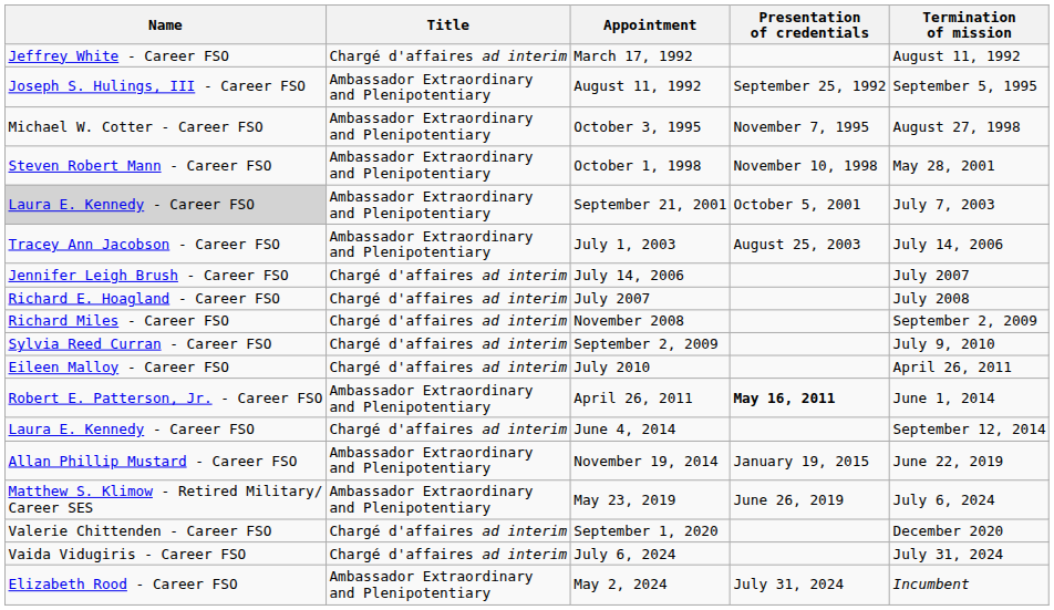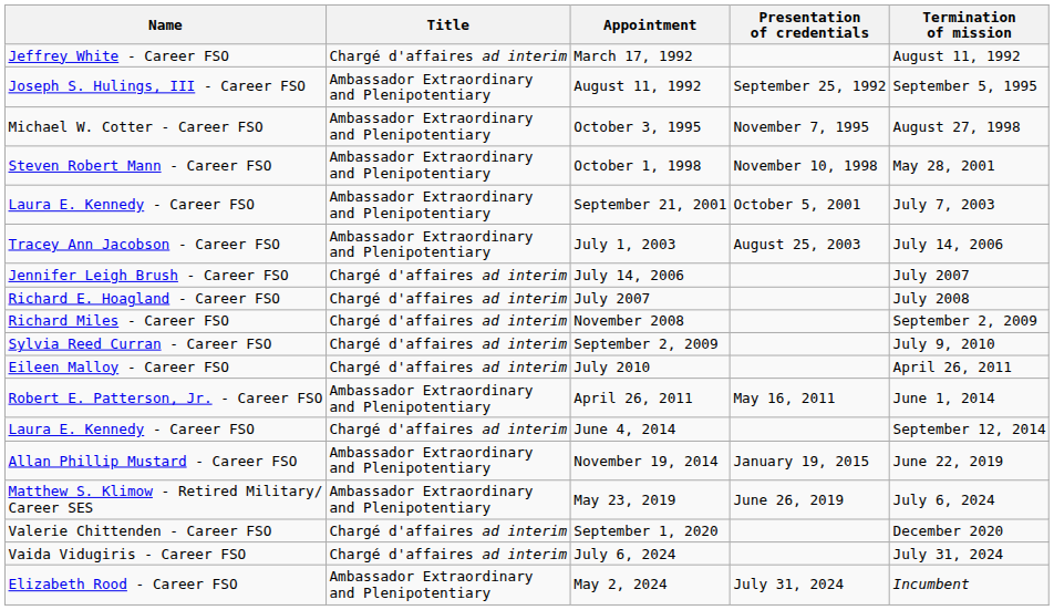 <table class="wikitable">
 <tr>
 <th>Name</th>
 <th>Title</th>
 <th>Appointment</th>
 <th>Presentation <br>of credentials</th>
 <th>Termination <br>of mission</th>
 </tr>
 <tr>
 <td><a href='#'>Jeffrey White</a> - Career FSO</td>
 <td>Chargé d'affaires <em>ad interim</em></td>
 <td>March 17, 1992</td>
 <td></td>
 <td>August 11, 1992</td>
 </tr>
 <tr>
 <td><a href='#'>Joseph S. Hulings, III</a> - Career FSO</td>
 <td>Ambassador Extraordinary <br>and Plenipotentiary</td>
 <td>August 11, 1992</td>
 <td>September 25, 1992</td>
 <td>September 5, 1995</td>
 </tr>
 <tr>
 <td>Michael W. Cotter - Career FSO</td>
 <td>Ambassador Extraordinary <br>and Plenipotentiary</td>
 <td>October 3, 1995</td>
 <td>November 7, 1995</td>
 <td>August 27, 1998</td>
 </tr>
 <tr>
 <td><a href='#'>Steven Robert Mann</a> - Career FSO</td>
 <td>Ambassador Extraordinary <br>and Plenipotentiary</td>
 <td>October 1, 1998</td>
 <td>November 10, 1998</td>
 <td>May 28, 2001</td>
 </tr>
 <tr>
-<td style="background: lightgrey;"><a href='#'>Laura E. Kennedy</a> - Career FSO</td>
+<td><a href='#'>Laura E. Kennedy</a> - Career FSO</td>
 <td>Ambassador Extraordinary <br>and Plenipotentiary</td>
 <td>September 21, 2001</td>
 <td>October 5, 2001</td>
 <td>July 7, 2003</td>
 </tr>
 <tr>
 <td><a href='#'>Tracey Ann Jacobson</a> - Career FSO</td>
 <td>Ambassador Extraordinary <br>and Plenipotentiary</td>
 <td>July 1, 2003</td>
 <td>August 25, 2003</td>
 <td>July 14, 2006</td>
 </tr>
 <tr>
 <td><a href='#'>Jennifer Leigh Brush</a> - Career FSO</td>
 <td>Chargé d'affaires <em>ad interim</em></td>
 <td>July 14, 2006</td>
 <td></td>
 <td>July 2007</td>
 </tr>
 <tr>
 <td><a href='#'>Richard E. Hoagland</a> - Career FSO</td>
 <td>Chargé d'affaires <em>ad interim</em></td>
 <td>July 2007</td>
 <td></td>
 <td>July 2008</td>
 </tr>
 <tr>
 <td><a href='#'>Richard Miles</a> - Career FSO</td>
 <td>Chargé d'affaires <em>ad interim</em></td>
 <td>November 2008</td>
 <td></td>
 <td>September 2, 2009</td>
 </tr>
 <tr>
 <td><a href='#'>Sylvia Reed Curran</a> - Career FSO</td>
 <td>Chargé d'affaires <em>ad interim</em></td>
 <td>September 2, 2009</td>
 <td></td>
 <td>July 9, 2010</td>
 </tr>
 <tr>
 <td><a href='#'>Eileen Malloy</a> - Career FSO</td>
 <td>Chargé d'affaires <em>ad interim</em></td>
 <td>July 2010</td>
 <td></td>
 <td>April 26, 2011</td>
 </tr>
 <tr>
 <td><a href='#'>Robert E. Patterson, Jr.</a> - Career FSO</td>
 <td>Ambassador Extraordinary <br>and Plenipotentiary</td>
 <td>April 26, 2011</td>
-<td><strong>May 16, 2011</strong></td>
+<td>May 16, 2011</td>
 <td>June 1, 2014</td>
 </tr>
 <tr>
 <td><a href='#'>Laura E. Kennedy</a> - Career FSO</td>
 <td>Chargé d'affaires <em>ad interim</em></td>
 <td>June 4, 2014</td>
 <td></td>
 <td>September 12, 2014</td>
 </tr>
 <tr>
 <td><a href='#'>Allan Phillip Mustard</a> - Career FSO</td>
 <td>Ambassador Extraordinary <br>and Plenipotentiary</td>
 <td>November 19, 2014</td>
 <td>January 19, 2015</td>
 <td>June 22, 2019</td>
 </tr>
 <tr>
 <td><a href='#'>Matthew S. Klimow</a> - Retired Military/<br>Career SES</td>
 <td>Ambassador Extraordinary <br>and Plenipotentiary</td>
 <td>May 23, 2019</td>
 <td>June 26, 2019</td>
 <td>July 6, 2024</td>
 </tr>
 <tr>
 <td>Valerie Chittenden - Career FSO</td>
 <td>Chargé d'affaires <em>ad interim</em></td>
 <td>September 1, 2020</td>
 <td></td>
 <td>December 2020</td>
 </tr>
 <tr>
 <td>Vaida Vidugiris - Career FSO</td>
 <td>Chargé d'affaires <em>ad interim</em></td>
 <td>July 6, 2024</td>
 <td></td>
 <td>July 31, 2024</td>
 </tr>
 <tr>
 <td><a href='#'>Elizabeth Rood</a> - Career FSO</td>
 <td>Ambassador Extraordinary <br>and Plenipotentiary</td>
 <td>May 2, 2024</td>
 <td>July 31, 2024</td>
 <td><em>Incumbent</em></td>
 </tr>
 </table>
